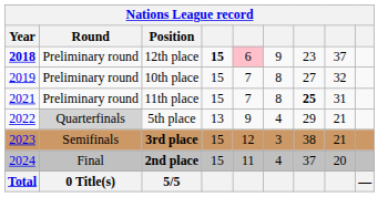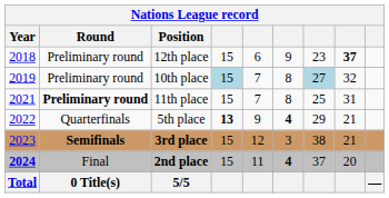 <table class="wikitable" style="text-align: center;">
 <tr>
 <th colspan=9><a href='#'>Nations League record</a></th>
 </tr>
 <tr>
 <th>Year</th>
 <th>Round</th>
 <th>Position</th>
 <th width=30></th>
 <th width=30></th>
 <th width=30></th>
 <th width=30></th>
 <th width=30></th>
 <th></th>
 </tr>
 <tr>
-<td><strong> <a href='#'>2018</a></strong></td>
+<td> <a href='#'>2018</a></td>
 <td>Preliminary round</td>
 <td>12th place</td>
-<td><strong>15</strong></td>
-<td style="background: pink;">6</td>
+<td>15</td>
+<td>6</td>
 <td>9</td>
 <td>23</td>
-<td>37</td>
+<td><strong>37</strong></td>
 <td></td>
 </tr>
 <tr>
 <td> <a href='#'>2019</a></td>
 <td>Preliminary round</td>
 <td>10th place</td>
-<td>15</td>
+<td style="background: lightblue;">15</td>
 <td>7</td>
 <td>8</td>
-<td>27</td>
+<td style="background: lightblue;">27</td>
 <td>32</td>
 <td></td>
 </tr>
 <tr>
 <td> <a href='#'>2021</a></td>
-<td>Preliminary round</td>
+<td><strong>Preliminary round</strong></td>
 <td>11th place</td>
 <td>15</td>
 <td>7</td>
 <td>8</td>
-<td><strong>25</strong></td>
+<td>25</td>
 <td>31</td>
 <td></td>
 </tr>
 <tr>
 <td> <a href='#'>2022</a></td>
-<td style="background: lightgrey;">Quarterfinals</td>
+<td>Quarterfinals</td>
 <td>5th place</td>
-<td>13</td>
+<td><strong>13</strong></td>
 <td>9</td>
-<td>4</td>
+<td><strong>4</strong></td>
 <td>29</td>
 <td>21</td>
 <td></td>
 </tr>
 <tr bgcolor="cc9966">
 <td> <a href='#'>2023</a></td>
-<td>Semifinals</td>
+<td><strong>Semifinals</strong></td>
 <td><strong>3rd place</strong></td>
 <td>15</td>
 <td>12</td>
 <td>3</td>
 <td>38</td>
 <td>21</td>
 <td></td>
 </tr>
 <tr bgcolor="silver">
-<td> <a href='#'>2024</a></td>
+<td><strong> <a href='#'>2024</a></strong></td>
 <td>Final</td>
 <td><strong>2nd place</strong></td>
 <td>15</td>
 <td>11</td>
-<td>4</td>
+<td><strong>4</strong></td>
 <td>37</td>
 <td>20</td>
 <td></td>
 </tr>
 <tr>
 <th><a href='#'>Total</a></th>
 <th>0 Title(s)</th>
 <th>5/5</th>
 <th></th>
 <th></th>
 <th></th>
 <th></th>
 <th></th>
 <th>—</th>
 </tr>
 </table>
